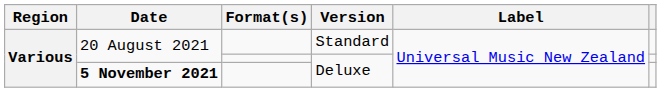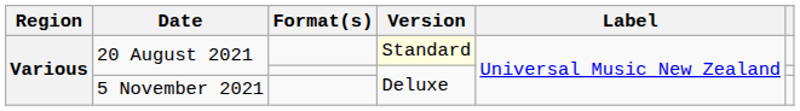 <table class="wikitable plainrowheaders">
 <tr>
 <th scope="col">Region</th>
 <th scope="col">Date</th>
 <th scope="col">Format(s)</th>
 <th scope="col">Version</th>
 <th scope="col">Label</th>
 <th scope="col"></th>
 </tr>
 <tr>
 <th scope="row" rowspan="3">Various</th>
 <td rowspan="2">20 August 2021</td>
 <td></td>
-<td>Standard</td>
+<td style="background: lightyellow;">Standard</td>
 <td rowspan="3"><a href='#'>Universal Music New Zealand</a></td>
 <td align="center"></td>
 </tr>
 <tr>
 <td></td>
 <td rowspan="2">Deluxe</td>
 <td align="center"></td>
 </tr>
 <tr>
-<td><strong>5 November 2021</strong></td>
+<td>5 November 2021</td>
 <td></td>
 <td align="center"></td>
 </tr>
 </table>
